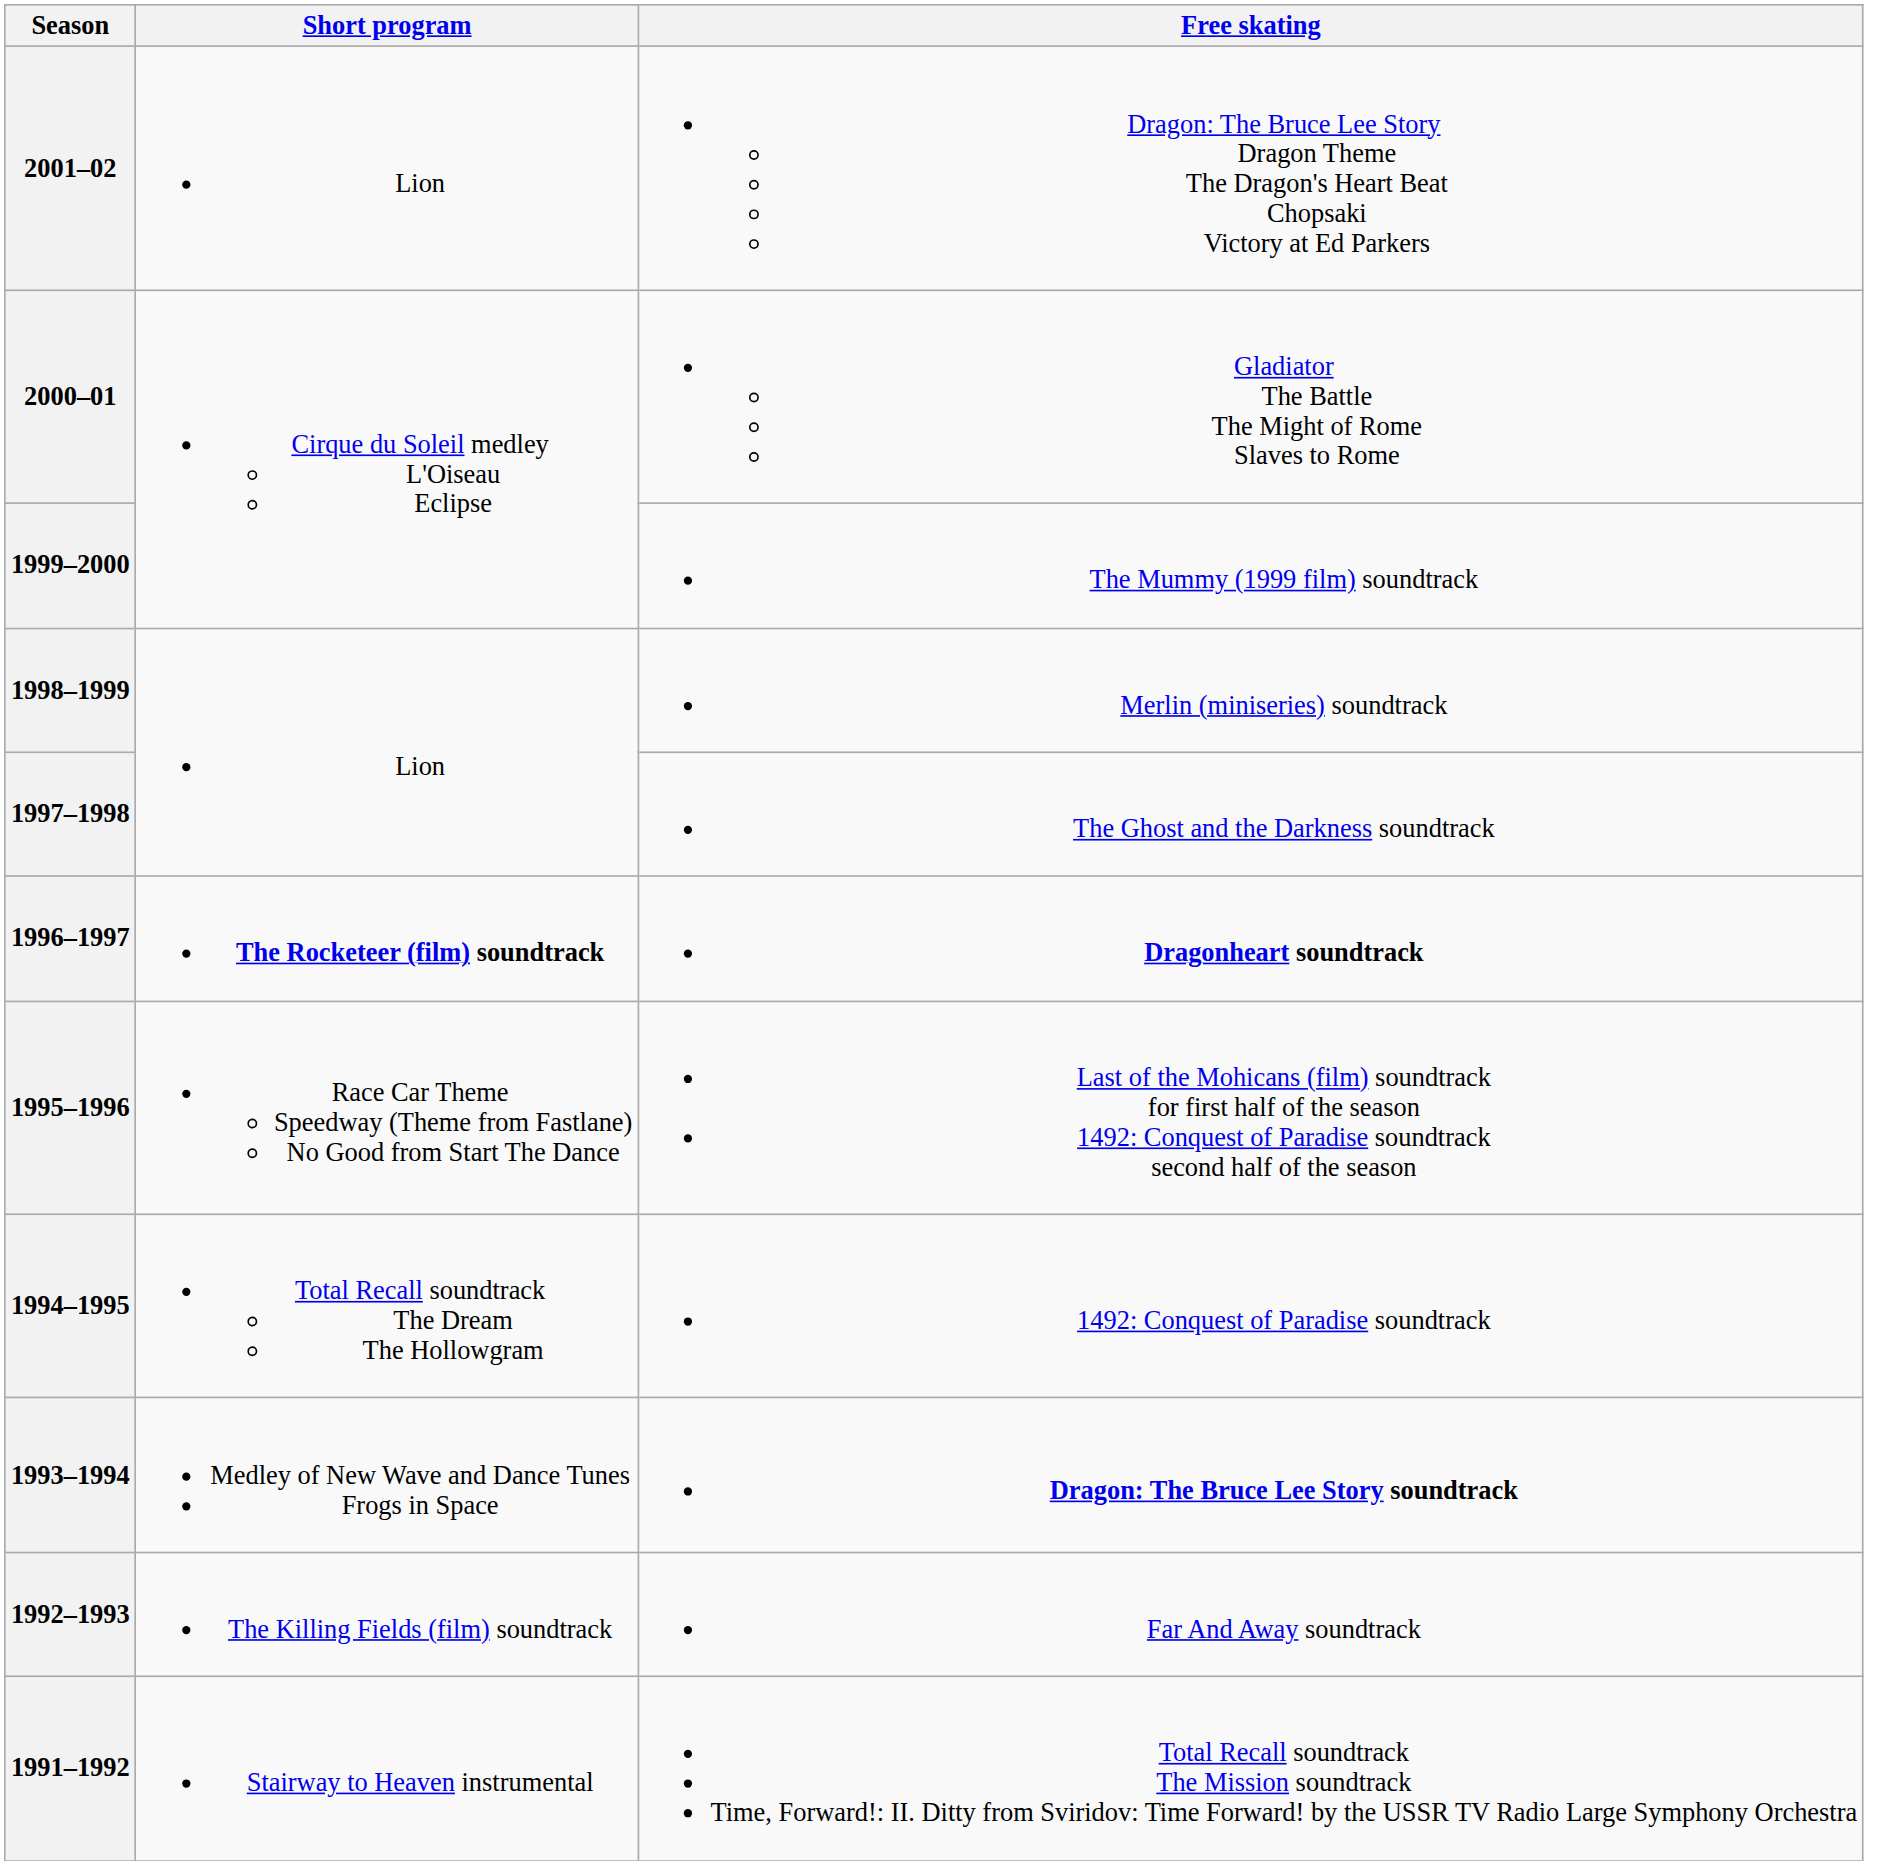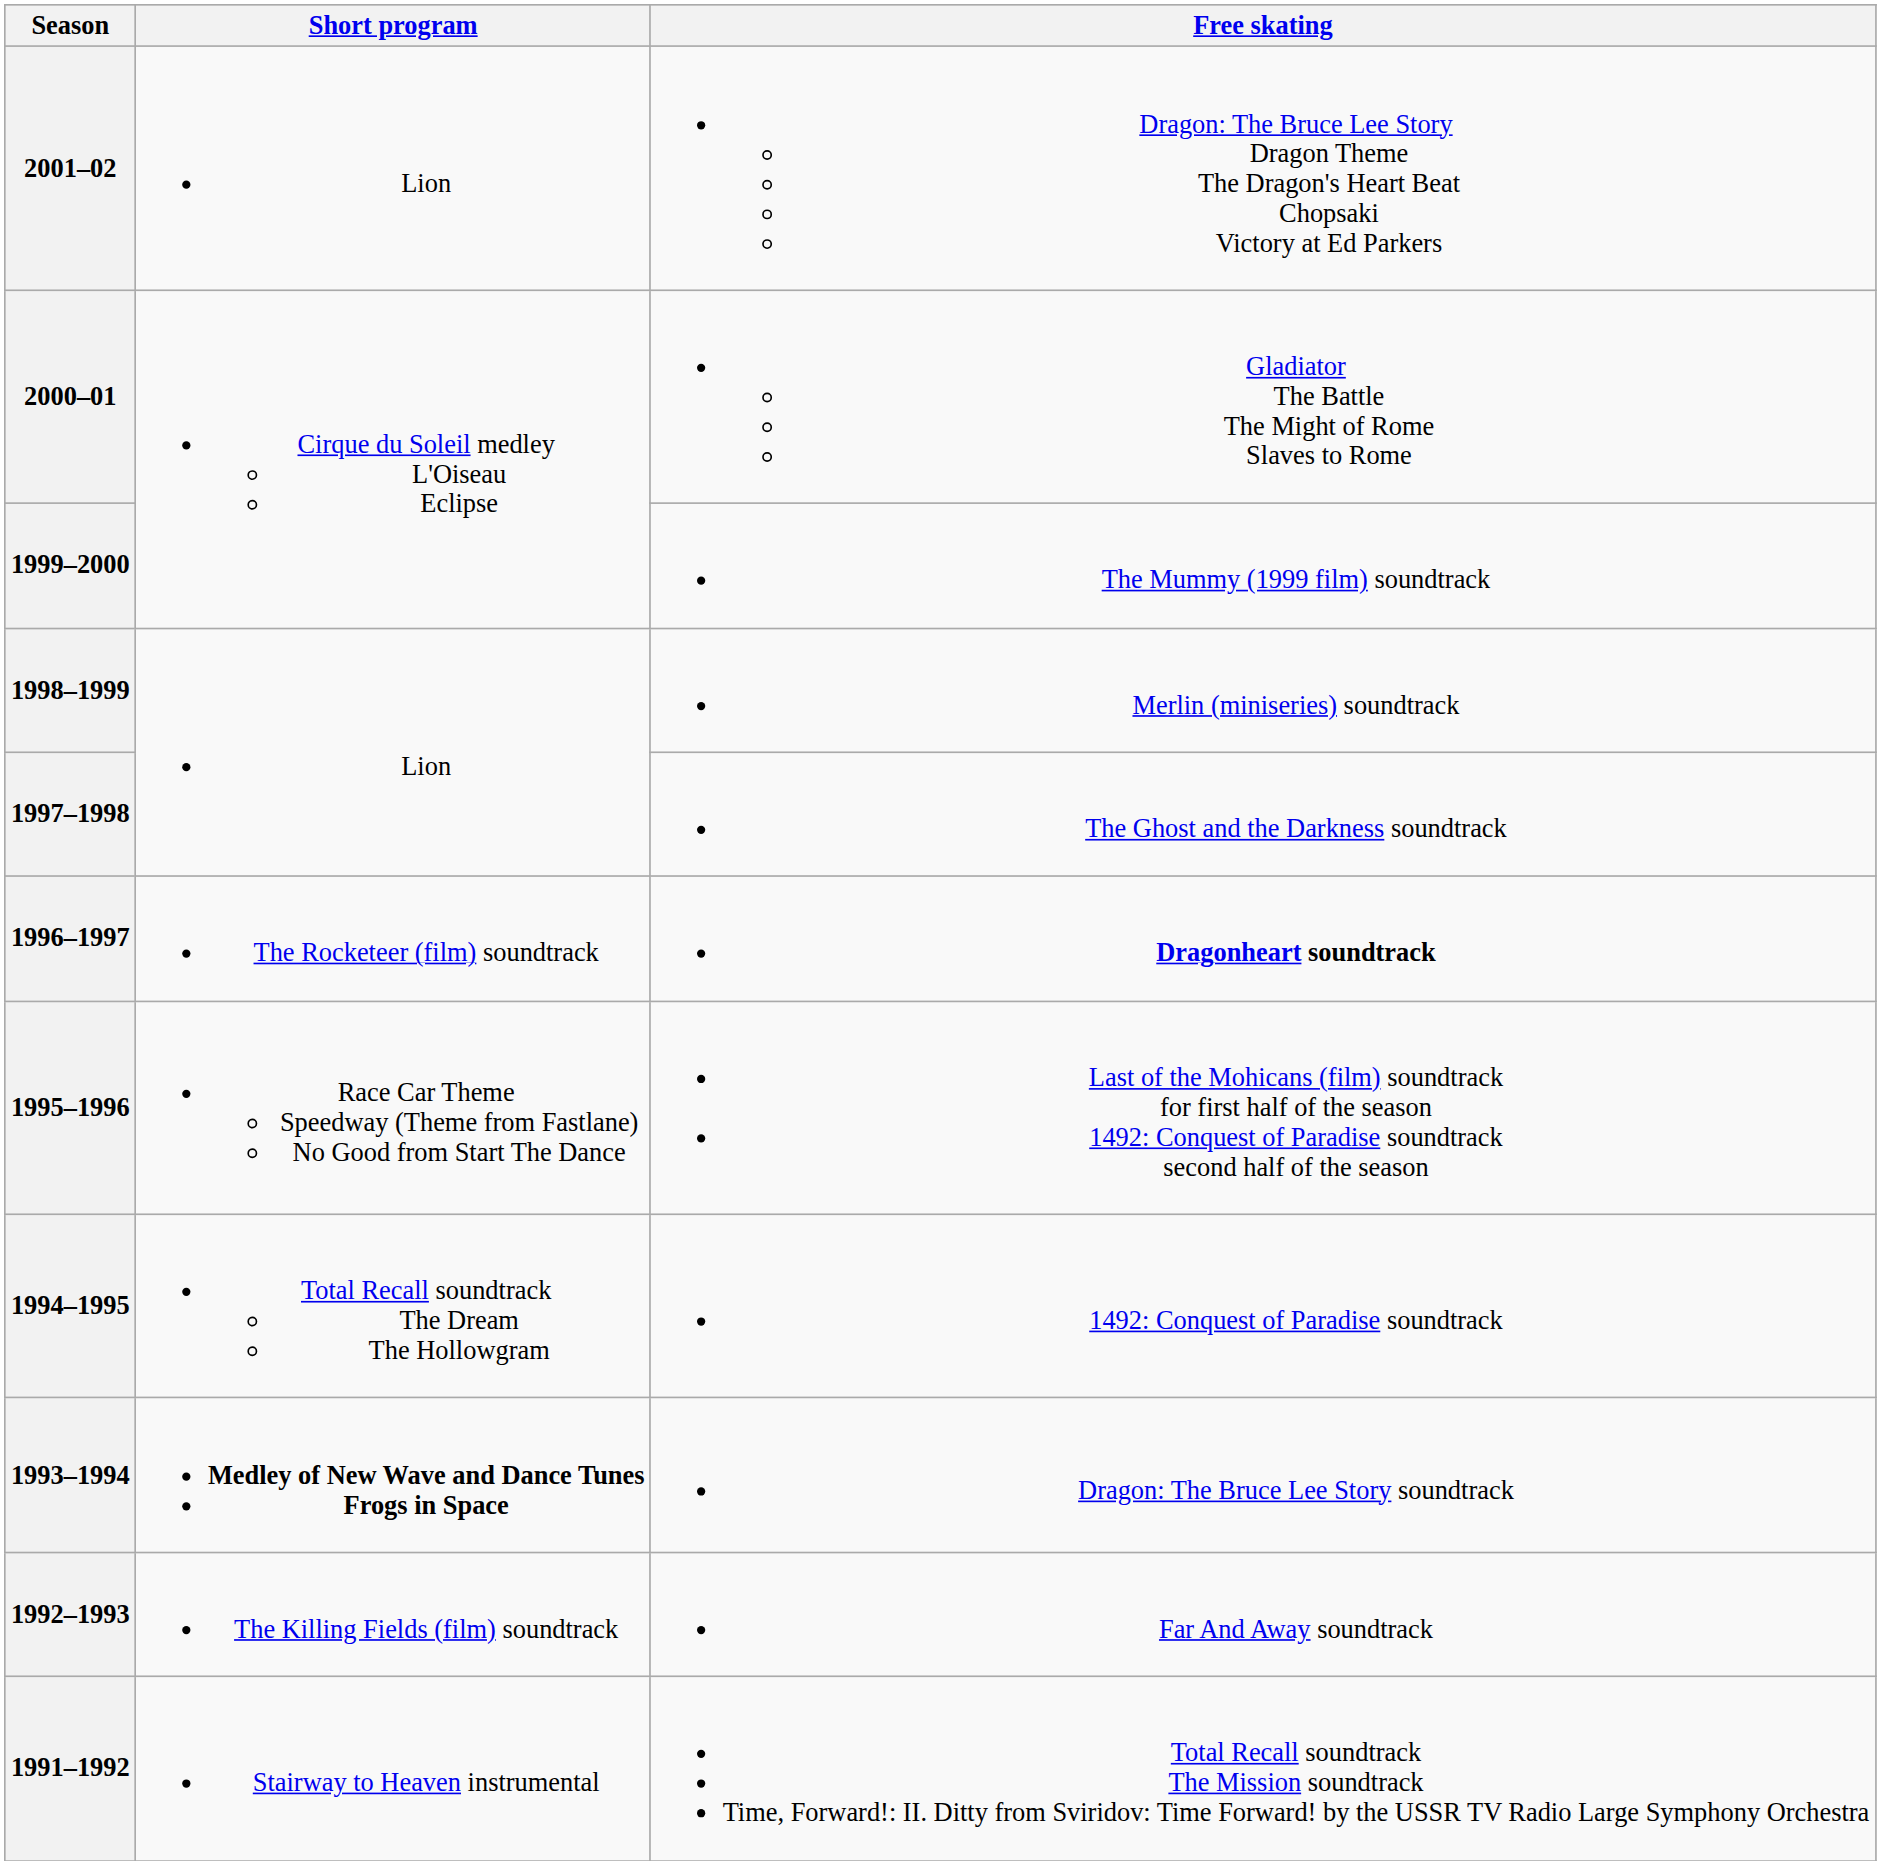 <table class=wikitable style=text-align:center>
 <tr>
 <th>Season</th>
 <th><a href='#'>Short program</a></th>
 <th><a href='#'>Free skating</a></th>
 </tr>
 <tr>
 <th>2001–02 <br></th>
 <td><br><ul><li>Lion <br> </li></ul></td>
 <td><br><ul><li><a href='#'>Dragon: The Bruce Lee Story</a> <br> <ul><li>Dragon Theme</li><li>The Dragon's Heart Beat</li><li>Chopsaki</li><li>Victory at Ed Parkers</li></ul></li></ul></td>
 </tr>
 <tr>
 <th>2000–01 <br></th>
 <td rowspan=2><br><ul><li><a href='#'>Cirque du Soleil</a> medley <ul><li>L'Oiseau <br> </li><li>Eclipse <br> </li></ul></li></ul></td>
 <td><br><ul><li><a href='#'>Gladiator</a> <br> <ul><li>The Battle</li><li>The Might of Rome</li><li>Slaves to Rome</li></ul></li></ul></td>
 </tr>
 <tr>
 <th>1999–2000</th>
 <td><br><ul><li><a href='#'>The Mummy (1999 film)</a> soundtrack <br> </li></ul></td>
 </tr>
 <tr>
 <th>1998–1999</th>
 <td rowspan=2><br><ul><li>Lion <br> </li></ul></td>
 <td><br><ul><li><a href='#'>Merlin (miniseries)</a> soundtrack <br> </li></ul></td>
 </tr>
 <tr>
 <th>1997–1998 </th>
 <td><br><ul><li><a href='#'>The Ghost and the Darkness</a> soundtrack <br> </li></ul></td>
 </tr>
 <tr>
 <th>1996–1997 </th>
-<td><strong><br><ul><li><a href='#'>The Rocketeer (film)</a> soundtrack <br> </li></ul></strong></td>
+<td><br><ul><li><a href='#'>The Rocketeer (film)</a> soundtrack <br> </li></ul></td>
 <td><strong><br><ul><li><a href='#'>Dragonheart</a> soundtrack <br> </li></ul></strong></td>
 </tr>
 <tr>
 <th>1995–1996 </th>
 <td><br><ul><li>Race Car Theme<ul><li>Speedway (Theme from Fastlane) <br> </li><li>No Good from Start The Dance <br> </li></ul></li></ul></td>
 <td><br><ul><li><a href='#'>Last of the Mohicans (film)</a> soundtrack <br>  for first half of the season</li><li><a href='#'>1492: Conquest of Paradise</a> soundtrack <br>  second half of the season</li></ul></td>
 </tr>
 <tr>
 <th>1994–1995 </th>
 <td><br><ul><li><a href='#'>Total Recall</a> soundtrack <br> <ul><li>The Dream</li><li>The Hollowgram</li></ul></li></ul></td>
 <td><br><ul><li><a href='#'>1492: Conquest of Paradise</a> soundtrack <br> </li></ul></td>
 </tr>
 <tr>
 <th>1993–1994</th>
-<td><br><ul><li>Medley of New Wave and Dance Tunes</li><li>Frogs in Space</li></ul></td>
-<td><strong><br><ul><li><a href='#'>Dragon: The Bruce Lee Story</a> soundtrack <br> </li></ul></strong></td>
+<td><strong><br><ul><li>Medley of New Wave and Dance Tunes</li><li>Frogs in Space</li></ul></strong></td>
+<td><br><ul><li><a href='#'>Dragon: The Bruce Lee Story</a> soundtrack <br> </li></ul></td>
 </tr>
 <tr>
 <th>1992–1993 </th>
 <td><br><ul><li><a href='#'>The Killing Fields (film)</a> soundtrack <br> </li></ul></td>
 <td><br><ul><li><a href='#'>Far And Away</a> soundtrack <br> </li></ul></td>
 </tr>
 <tr>
 <th>1991–1992 </th>
 <td><br><ul><li><a href='#'>Stairway to Heaven</a> instrumental <br> </li></ul></td>
 <td><br><ul><li><a href='#'>Total Recall</a> soundtrack <br> </li><li><a href='#'>The Mission</a> soundtrack <br> </li><li>Time, Forward!: II. Ditty from Sviridov: Time Forward! by the USSR TV Radio Large Symphony Orchestra</li></ul></td>
 </tr>
 </table>
